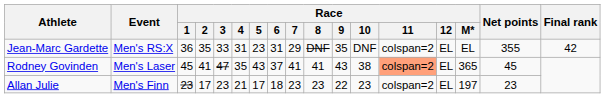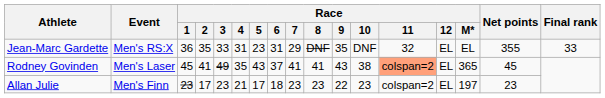 <table class="wikitable" style="font-size:90%">
 <tr>
 <th rowspan="2">Athlete</th>
 <th rowspan="2">Event</th>
 <th colspan=13>Race</th>
 <th rowspan=2>Net points</th>
 <th rowspan=2>Final rank</th>
 </tr>
 <tr style="font-size:95%">
 <th>1</th>
 <th>2</th>
 <th>3</th>
 <th>4</th>
 <th>5</th>
 <th>6</th>
 <th>7</th>
 <th>8</th>
 <th>9</th>
 <th>10</th>
 <th>11</th>
 <th>12</th>
 <th>M*</th>
 </tr>
 <tr align=center>
 <td align=left><a href='#'>Jean-Marc Gardette</a></td>
 <td align=left><a href='#'>Men's RS:X</a></td>
 <td>36</td>
 <td>35</td>
 <td>33</td>
 <td>31</td>
 <td>23</td>
 <td>31</td>
 <td>29</td>
 <td><s>DNF</s></td>
 <td>35</td>
 <td>DNF</td>
-<td>colspan=2 </td>
+<td>32</td>
 <td>EL</td>
 <td>EL</td>
 <td>355</td>
-<td>42</td>
+<td>33</td>
 </tr>
 <tr align=center>
 <td align=left><a href='#'>Rodney Govinden</a></td>
 <td align=left><a href='#'>Men's Laser</a></td>
 <td>45</td>
 <td>41</td>
-<td><s>47</s></td>
+<td><s>49</s></td>
 <td>35</td>
 <td>43</td>
 <td>37</td>
 <td>41</td>
 <td>41</td>
 <td>43</td>
 <td>38</td>
 <td style="background: lightsalmon;">colspan=2 </td>
 <td>EL</td>
 <td>365</td>
 <td>45</td>
 </tr>
 <tr align=center>
 <td align=left><a href='#'>Allan Julie</a></td>
 <td align=left><a href='#'>Men's Finn</a></td>
 <td><s>23</s></td>
 <td>17</td>
 <td>23</td>
 <td>21</td>
 <td>17</td>
 <td>18</td>
 <td>23</td>
 <td>23</td>
 <td>22</td>
 <td>23</td>
 <td>colspan=2 </td>
 <td>EL</td>
 <td>197</td>
 <td>23</td>
 </tr>
 </table>
